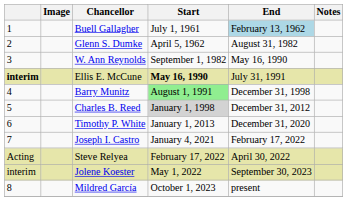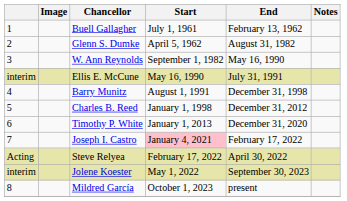 <table class="wikitable">
 <tr>
 <th></th>
 <th>Image</th>
 <th>Chancellor</th>
 <th>Start</th>
 <th>End</th>
 <th>Notes</th>
 </tr>
 <tr>
 <td>1</td>
 <td></td>
 <td><a href='#'>Buell Gallagher</a></td>
 <td>July 1, 1961</td>
-<td style="background: lightblue;">February 13, 1962</td>
+<td>February 13, 1962</td>
 <td></td>
 </tr>
 <tr>
 <td>2</td>
 <td></td>
 <td><a href='#'>Glenn S. Dumke</a></td>
 <td>April 5, 1962</td>
 <td>August 31, 1982</td>
 <td></td>
 </tr>
 <tr>
 <td>3</td>
 <td></td>
 <td><a href='#'>W. Ann Reynolds</a></td>
 <td>September 1, 1982</td>
 <td>May 16, 1990</td>
 <td></td>
 </tr>
 <tr bgcolor="#e6e6aa">
-<td><strong>interim</strong></td>
+<td>interim</td>
 <td></td>
 <td>Ellis E. McCune</td>
-<td><strong>May 16, 1990</strong></td>
+<td>May 16, 1990</td>
 <td>July 31, 1991</td>
 <td></td>
 </tr>
 <tr>
 <td>4</td>
 <td></td>
 <td><a href='#'>Barry Munitz</a></td>
-<td style="background: lightgreen;">August 1, 1991</td>
+<td>August 1, 1991</td>
 <td>December 31, 1998</td>
 <td></td>
 </tr>
 <tr>
 <td>5</td>
 <td></td>
 <td><a href='#'>Charles B. Reed</a></td>
-<td style="background: lightgrey;">January 1, 1998</td>
+<td>January 1, 1998</td>
 <td>December 31, 2012</td>
 <td></td>
 </tr>
 <tr>
 <td>6</td>
 <td></td>
 <td><a href='#'>Timothy P. White</a></td>
 <td>January 1, 2013</td>
 <td>December 31, 2020</td>
 <td></td>
 </tr>
 <tr>
 <td>7</td>
 <td></td>
 <td><a href='#'>Joseph I. Castro</a></td>
-<td>January 4, 2021</td>
+<td style="background: pink;">January 4, 2021</td>
 <td>February 17, 2022</td>
 <td></td>
 </tr>
 <tr bgcolor="#e6e6aa">
 <td>Acting</td>
 <td></td>
 <td>Steve Relyea</td>
 <td>February 17, 2022</td>
 <td>April 30, 2022</td>
 <td></td>
 </tr>
 <tr bgcolor="#e6e6aa">
 <td>interim</td>
 <td></td>
 <td><a href='#'>Jolene Koester</a></td>
 <td>May 1, 2022</td>
 <td>September 30, 2023</td>
 <td></td>
 </tr>
 <tr>
 <td>8</td>
 <td></td>
 <td><a href='#'>Mildred García</a></td>
 <td>October 1, 2023</td>
 <td>present</td>
 <td></td>
 </tr>
 <tr>
 </tr>
 </table>
